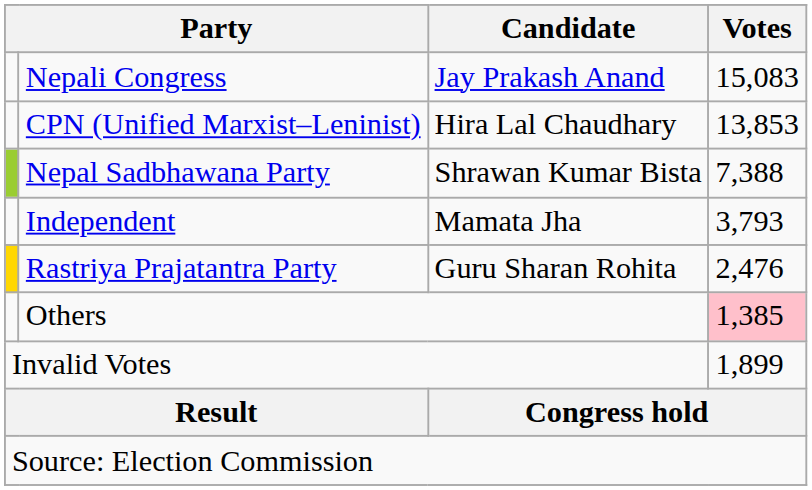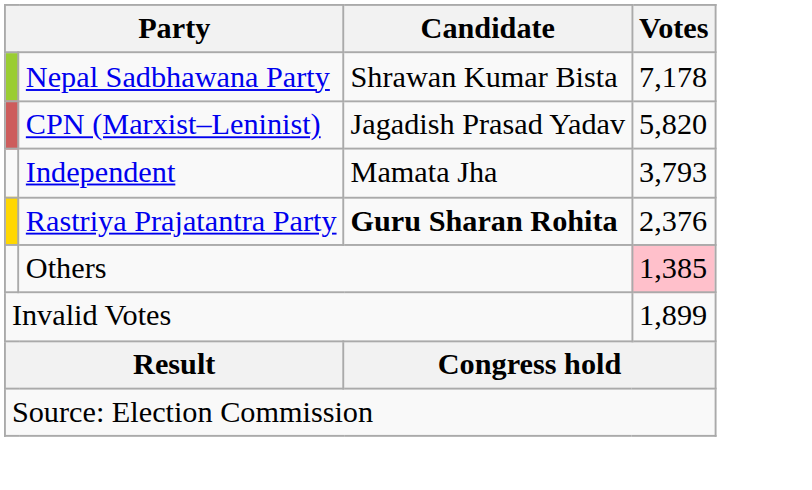 <table class="wikitable">
 <tr>
 <th colspan="2">Party</th>
 <th>Candidate</th>
 <th>Votes</th>
 </tr>
 <tr>
-<td style="background-color:"></td>
-<td><a href='#'>Nepali Congress</a></td>
-<td><a href='#'>Jay Prakash Anand</a></td>
-<td>15,083</td>
-</tr>
-<tr>
-<td style="background-color:"></td>
-<td><a href='#'>CPN (Unified Marxist–Leninist)</a></td>
-<td>Hira Lal Chaudhary</td>
-<td>13,853</td>
-</tr>
-<tr>
 <td style="background-color:yellowgreen"></td>
 <td><a href='#'>Nepal Sadbhawana Party</a></td>
 <td>Shrawan Kumar Bista</td>
-<td>7,388</td>
+<td>7,178</td>
+</tr>
+<tr>
+<td style="background-color:indianred"></td>
+<td><a href='#'>CPN (Marxist–Leninist)</a></td>
+<td>Jagadish Prasad Yadav</td>
+<td>5,820</td>
 </tr>
 <tr>
 <td style="background-color:"></td>
 <td><a href='#'>Independent</a></td>
 <td>Mamata Jha</td>
 <td>3,793</td>
 </tr>
 <tr>
 <td style="background-color:gold"></td>
 <td><a href='#'>Rastriya Prajatantra Party</a></td>
-<td>Guru Sharan Rohita</td>
-<td>2,476</td>
+<td><strong>Guru Sharan Rohita</strong></td>
+<td>2,376</td>
 </tr>
 <tr>
 <td></td>
 <td colspan="2">Others</td>
 <td style="background: pink;">1,385</td>
 </tr>
 <tr>
 <td colspan="3">Invalid Votes</td>
 <td>1,899</td>
 </tr>
 <tr>
 <th colspan="2">Result</th>
 <th colspan="2">Congress hold</th>
 </tr>
 <tr>
 <td colspan="4">Source: Election Commission</td>
 </tr>
 </table>
